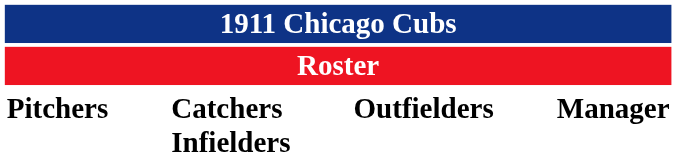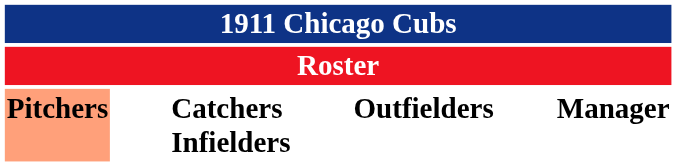 <table class="toccolours" style="font-size: 95%;">
 <tr>
 <th colspan="10" style="background-color: #0e3386; color: white; text-align: center;">1911 Chicago Cubs</th>
 </tr>
 <tr>
 <td colspan="10" style="background-color: #EE1422; color: white; text-align: center;"><strong>Roster</strong></td>
 </tr>
 <tr>
-<td valign="top"><strong>Pitchers</strong><br>                </td>
+<td valign="top" style="background: lightsalmon;"><strong>Pitchers</strong><br>                </td>
 <td width="25px"></td>
 <td valign="top"><strong>Catchers</strong><br>    <strong>Infielders</strong>        </td>
 <td width="25px"></td>
 <td valign="top"><strong>Outfielders</strong><br>     </td>
 <td width="25px"></td>
 <td valign="top"><strong>Manager</strong><br></td>
 </tr>
 </table>
